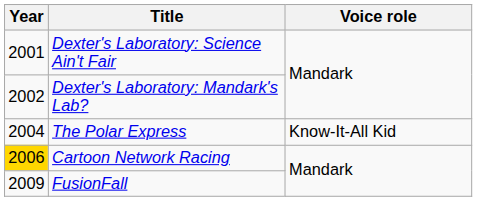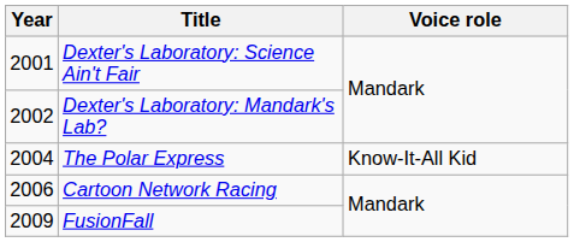 <table class="wikitable">
 <tr>
 <th style="width:33px;">Year</th>
 <th style="width:225px;">Title</th>
 <th style="width:175px;">Voice role</th>
 </tr>
 <tr>
 <td>2001</td>
 <td><em><a href='#'>Dexter's Laboratory: Science Ain't Fair</a></em></td>
 <td rowspan="2">Mandark</td>
 </tr>
 <tr>
 <td>2002</td>
 <td><em><a href='#'>Dexter's Laboratory: Mandark's Lab?</a></em></td>
 </tr>
 <tr>
 <td>2004</td>
 <td><em><a href='#'>The Polar Express</a></em></td>
 <td>Know-It-All Kid</td>
 </tr>
 <tr>
-<td style="background: gold;">2006</td>
+<td>2006</td>
 <td><em><a href='#'>Cartoon Network Racing</a></em></td>
 <td rowspan="2">Mandark</td>
 </tr>
 <tr>
 <td>2009</td>
 <td><em><a href='#'>FusionFall</a></em></td>
 </tr>
 </table>
